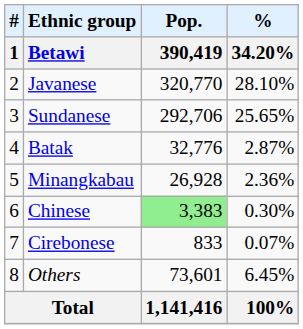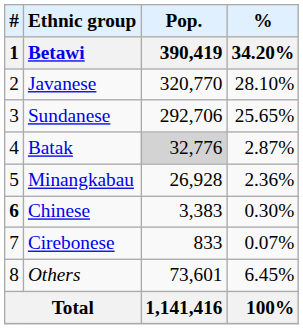 <table class="wikitable sortable" style="font-size:90%;">
 <tr>
 <th style="background:#E0F0FF;">#</th>
 <th style="background:#E0F0FF;">Ethnic group</th>
 <th style="background:#E0F0FF;">Pop.</th>
 <th style="background:#E0F0FF;">%</th>
 </tr>
 <tr>
 <th style="text-align: left;">1</th>
 <th style="text-align: left;"><a href='#'>Betawi</a></th>
 <th style="text-align: right;">390,419</th>
 <th style="text-align: right;">34.20%</th>
 </tr>
 <tr>
 <td>2</td>
 <td><a href='#'>Javanese</a></td>
 <td style="text-align: right;">320,770</td>
 <td style="text-align: right;">28.10%</td>
 </tr>
 <tr>
 <td>3</td>
 <td><a href='#'>Sundanese</a></td>
 <td style="text-align: right;">292,706</td>
 <td style="text-align: right;">25.65%</td>
 </tr>
 <tr>
 <td>4</td>
 <td><a href='#'>Batak</a></td>
-<td style="text-align: right;">32,776</td>
+<td style="background: lightgrey; text-align: right;">32,776</td>
 <td style="text-align: right;">2.87%</td>
 </tr>
 <tr>
 <td>5</td>
 <td><a href='#'>Minangkabau</a></td>
 <td style="text-align: right;">26,928</td>
 <td style="text-align: right;">2.36%</td>
 </tr>
 <tr>
-<td>6</td>
+<td><strong>6</strong></td>
 <td><a href='#'>Chinese</a></td>
-<td style="background: lightgreen; text-align: right;">3,383</td>
+<td style="text-align: right;">3,383</td>
 <td style="text-align: right;">0.30%</td>
 </tr>
 <tr>
 <td>7</td>
 <td><a href='#'>Cirebonese</a></td>
 <td style="text-align: right;">833</td>
 <td style="text-align: right;">0.07%</td>
 </tr>
 <tr>
 <td>8</td>
 <td><em>Others</em></td>
 <td style="text-align: right;">73,601</td>
 <td style="text-align: right;">6.45%</td>
 </tr>
 <tr>
 <th colspan="2">Total</th>
 <th style="text-align: right;">1,141,416</th>
 <th style="text-align: right;">100%</th>
 </tr>
 <tr>
 </tr>
 </table>
